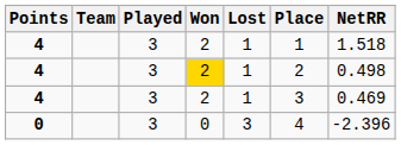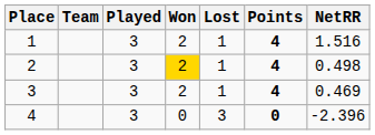 <table class="wikitable">
 <tr>
-<th>Points</th>
+<th>Place</th>
 <th>Team</th>
 <th>Played</th>
 <th>Won</th>
 <th>Lost</th>
-<th>Place</th>
+<th>Points</th>
 <th>NetRR</th>
 </tr>
 <tr align="center">
-<td><strong>4</strong></td>
+<td>1</td>
 <td align="left"></td>
 <td>3</td>
 <td>2</td>
 <td>1</td>
-<td>1</td>
-<td>1.518</td>
+<td><strong>4</strong></td>
+<td>1.516</td>
 </tr>
 <tr align="center">
-<td><strong>4</strong></td>
+<td>2</td>
 <td align="left"></td>
 <td>3</td>
 <td style="background: gold;">2</td>
 <td>1</td>
-<td>2</td>
+<td><strong>4</strong></td>
 <td>0.498</td>
 </tr>
 <tr align="center">
-<td><strong>4</strong></td>
+<td>3</td>
 <td align="left"></td>
 <td>3</td>
 <td>2</td>
 <td>1</td>
-<td>3</td>
+<td><strong>4</strong></td>
 <td>0.469</td>
 </tr>
 <tr align="center">
-<td><strong>0</strong></td>
+<td>4</td>
 <td align="left"></td>
 <td>3</td>
 <td>0</td>
 <td>3</td>
-<td>4</td>
+<td><strong>0</strong></td>
 <td>-2.396</td>
 </tr>
 </table>
